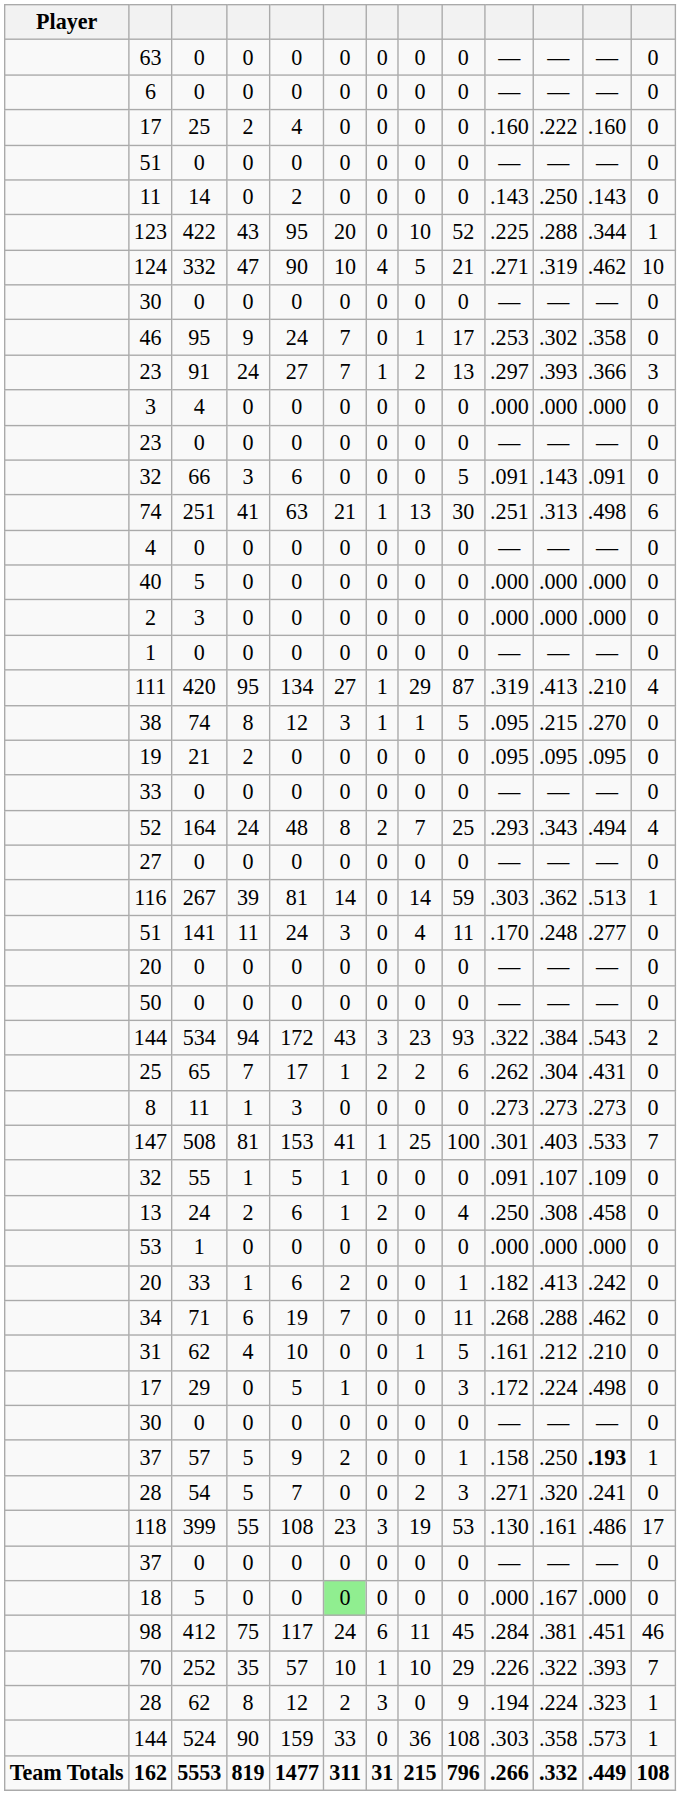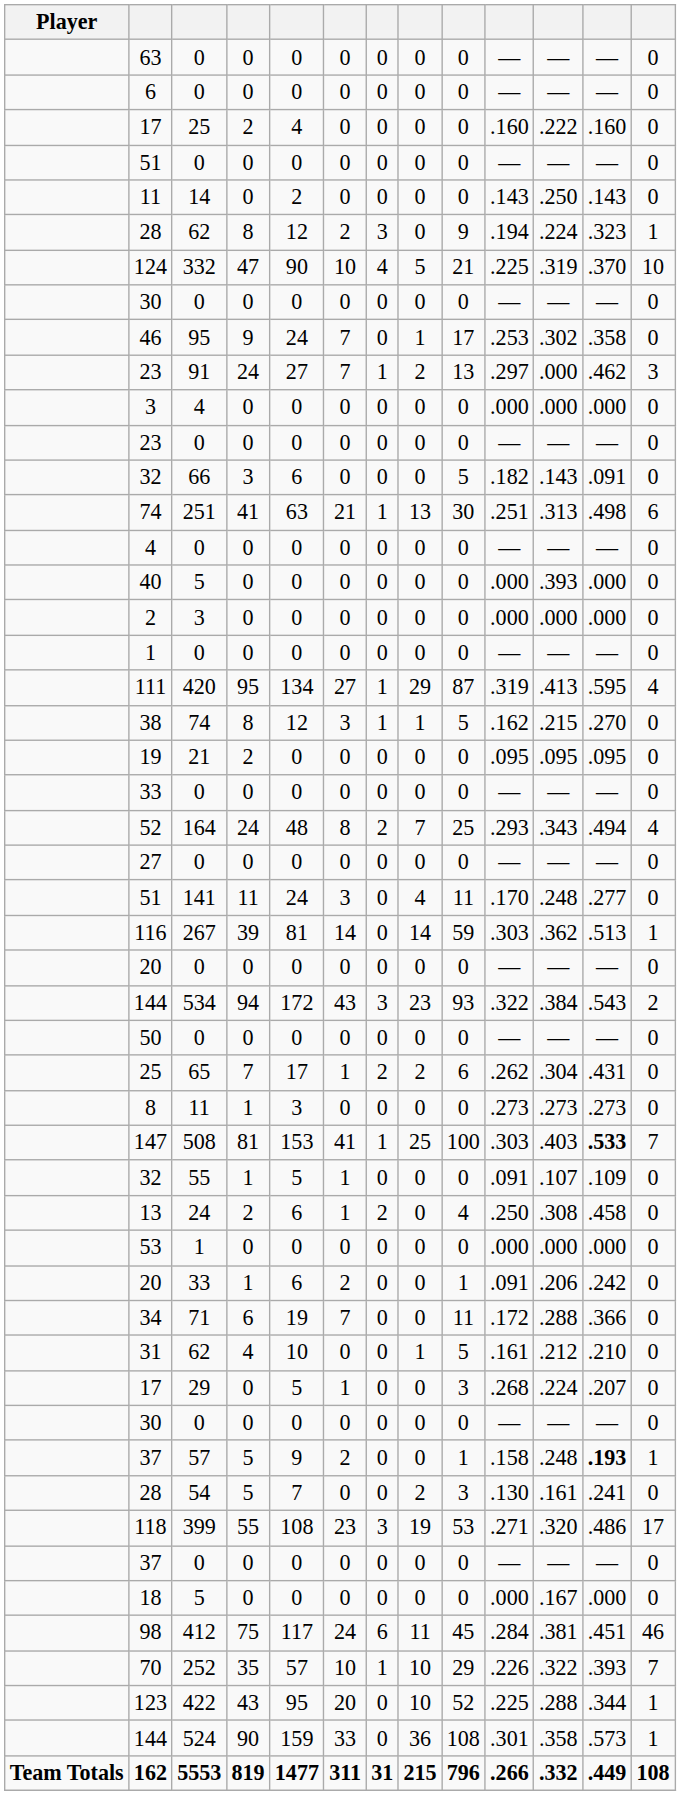 <table class="wikitable sortable" style="text-align:center;">
 <tr>
 <th>Player</th>
 <th></th>
 <th></th>
 <th></th>
 <th></th>
 <th></th>
 <th></th>
 <th></th>
 <th></th>
 <th></th>
 <th></th>
 <th></th>
 <th></th>
 </tr>
 <tr>
 <td align=left></td>
 <td>63</td>
 <td>0</td>
 <td>0</td>
 <td>0</td>
 <td>0</td>
 <td>0</td>
 <td>0</td>
 <td>0</td>
 <td>—</td>
 <td>—</td>
 <td>—</td>
 <td>0</td>
 </tr>
 <tr>
 <td align=left></td>
 <td>6</td>
 <td>0</td>
 <td>0</td>
 <td>0</td>
 <td>0</td>
 <td>0</td>
 <td>0</td>
 <td>0</td>
 <td>—</td>
 <td>—</td>
 <td>—</td>
 <td>0</td>
 </tr>
 <tr>
 <td align=left></td>
 <td>17</td>
 <td>25</td>
 <td>2</td>
 <td>4</td>
 <td>0</td>
 <td>0</td>
 <td>0</td>
 <td>0</td>
 <td>.160</td>
 <td>.222</td>
 <td>.160</td>
 <td>0</td>
 </tr>
 <tr>
 <td align=left></td>
 <td>51</td>
 <td>0</td>
 <td>0</td>
 <td>0</td>
 <td>0</td>
 <td>0</td>
 <td>0</td>
 <td>0</td>
 <td>—</td>
 <td>—</td>
 <td>—</td>
 <td>0</td>
 </tr>
 <tr>
 <td align=left></td>
 <td>11</td>
 <td>14</td>
 <td>0</td>
 <td>2</td>
 <td>0</td>
 <td>0</td>
 <td>0</td>
 <td>0</td>
 <td>.143</td>
 <td>.250</td>
 <td>.143</td>
 <td>0</td>
 </tr>
 <tr>
 <td align=left></td>
-<td>123</td>
-<td>422</td>
-<td>43</td>
-<td>95</td>
-<td>20</td>
+<td>28</td>
+<td>62</td>
+<td>8</td>
+<td>12</td>
+<td>2</td>
+<td>3</td>
 <td>0</td>
-<td>10</td>
-<td>52</td>
-<td>.225</td>
-<td>.288</td>
-<td>.344</td>
+<td>9</td>
+<td>.194</td>
+<td>.224</td>
+<td>.323</td>
 <td>1</td>
 </tr>
 <tr>
 <td align=left></td>
 <td>124</td>
 <td>332</td>
 <td>47</td>
 <td>90</td>
 <td>10</td>
 <td>4</td>
 <td>5</td>
 <td>21</td>
-<td>.271</td>
+<td>.225</td>
 <td>.319</td>
-<td>.462</td>
+<td>.370</td>
 <td>10</td>
 </tr>
 <tr>
 <td align=left></td>
 <td>30</td>
 <td>0</td>
 <td>0</td>
 <td>0</td>
 <td>0</td>
 <td>0</td>
 <td>0</td>
 <td>0</td>
 <td>—</td>
 <td>—</td>
 <td>—</td>
 <td>0</td>
 </tr>
 <tr>
 <td align=left></td>
 <td>46</td>
 <td>95</td>
 <td>9</td>
 <td>24</td>
 <td>7</td>
 <td>0</td>
 <td>1</td>
 <td>17</td>
 <td>.253</td>
 <td>.302</td>
 <td>.358</td>
 <td>0</td>
 </tr>
 <tr>
 <td align=left></td>
 <td>23</td>
 <td>91</td>
 <td>24</td>
 <td>27</td>
 <td>7</td>
 <td>1</td>
 <td>2</td>
 <td>13</td>
 <td>.297</td>
-<td>.393</td>
-<td>.366</td>
+<td>.000</td>
+<td>.462</td>
 <td>3</td>
 </tr>
 <tr>
 <td align=left></td>
 <td>3</td>
 <td>4</td>
 <td>0</td>
 <td>0</td>
 <td>0</td>
 <td>0</td>
 <td>0</td>
 <td>0</td>
 <td>.000</td>
 <td>.000</td>
 <td>.000</td>
 <td>0</td>
 </tr>
 <tr>
 <td align=left></td>
 <td>23</td>
 <td>0</td>
 <td>0</td>
 <td>0</td>
 <td>0</td>
 <td>0</td>
 <td>0</td>
 <td>0</td>
 <td>—</td>
 <td>—</td>
 <td>—</td>
 <td>0</td>
 </tr>
 <tr>
 <td align=left></td>
 <td>32</td>
 <td>66</td>
 <td>3</td>
 <td>6</td>
 <td>0</td>
 <td>0</td>
 <td>0</td>
 <td>5</td>
-<td>.091</td>
+<td>.182</td>
 <td>.143</td>
 <td>.091</td>
 <td>0</td>
 </tr>
 <tr>
 <td align=left></td>
 <td>74</td>
 <td>251</td>
 <td>41</td>
 <td>63</td>
 <td>21</td>
 <td>1</td>
 <td>13</td>
 <td>30</td>
 <td>.251</td>
 <td>.313</td>
 <td>.498</td>
 <td>6</td>
 </tr>
 <tr>
 <td align=left></td>
 <td>4</td>
 <td>0</td>
 <td>0</td>
 <td>0</td>
 <td>0</td>
 <td>0</td>
 <td>0</td>
 <td>0</td>
 <td>—</td>
 <td>—</td>
 <td>—</td>
 <td>0</td>
 </tr>
 <tr>
 <td align=left></td>
 <td>40</td>
 <td>5</td>
 <td>0</td>
 <td>0</td>
 <td>0</td>
 <td>0</td>
 <td>0</td>
 <td>0</td>
 <td>.000</td>
-<td>.000</td>
+<td>.393</td>
 <td>.000</td>
 <td>0</td>
 </tr>
 <tr>
 <td align=left></td>
 <td>2</td>
 <td>3</td>
 <td>0</td>
 <td>0</td>
 <td>0</td>
 <td>0</td>
 <td>0</td>
 <td>0</td>
 <td>.000</td>
 <td>.000</td>
 <td>.000</td>
 <td>0</td>
 </tr>
 <tr>
 <td align=left></td>
 <td>1</td>
 <td>0</td>
 <td>0</td>
 <td>0</td>
 <td>0</td>
 <td>0</td>
 <td>0</td>
 <td>0</td>
 <td>—</td>
 <td>—</td>
 <td>—</td>
 <td>0</td>
 </tr>
 <tr>
 <td align=left></td>
 <td>111</td>
 <td>420</td>
 <td>95</td>
 <td>134</td>
 <td>27</td>
 <td>1</td>
 <td>29</td>
 <td>87</td>
 <td>.319</td>
 <td>.413</td>
-<td>.210</td>
+<td>.595</td>
 <td>4</td>
 </tr>
 <tr>
 <td align=left></td>
 <td>38</td>
 <td>74</td>
 <td>8</td>
 <td>12</td>
 <td>3</td>
 <td>1</td>
 <td>1</td>
 <td>5</td>
-<td>.095</td>
+<td>.162</td>
 <td>.215</td>
 <td>.270</td>
 <td>0</td>
 </tr>
 <tr>
 <td align=left></td>
 <td>19</td>
 <td>21</td>
 <td>2</td>
 <td>0</td>
 <td>0</td>
 <td>0</td>
 <td>0</td>
 <td>0</td>
 <td>.095</td>
 <td>.095</td>
 <td>.095</td>
 <td>0</td>
 </tr>
 <tr>
 <td align=left></td>
 <td>33</td>
 <td>0</td>
 <td>0</td>
 <td>0</td>
 <td>0</td>
 <td>0</td>
 <td>0</td>
 <td>0</td>
 <td>—</td>
 <td>—</td>
 <td>—</td>
 <td>0</td>
 </tr>
 <tr>
 <td align=left></td>
 <td>52</td>
 <td>164</td>
 <td>24</td>
 <td>48</td>
 <td>8</td>
 <td>2</td>
 <td>7</td>
 <td>25</td>
 <td>.293</td>
 <td>.343</td>
 <td>.494</td>
 <td>4</td>
 </tr>
 <tr>
 <td align=left></td>
 <td>27</td>
 <td>0</td>
 <td>0</td>
 <td>0</td>
 <td>0</td>
 <td>0</td>
 <td>0</td>
 <td>0</td>
 <td>—</td>
 <td>—</td>
 <td>—</td>
 <td>0</td>
 </tr>
 <tr>
 <td align=left></td>
+<td>51</td>
+<td>141</td>
+<td>11</td>
+<td>24</td>
+<td>3</td>
+<td>0</td>
+<td>4</td>
+<td>11</td>
+<td>.170</td>
+<td>.248</td>
+<td>.277</td>
+<td>0</td>
+</tr>
+<tr>
+<td align=left></td>
 <td>116</td>
 <td>267</td>
 <td>39</td>
 <td>81</td>
 <td>14</td>
 <td>0</td>
 <td>14</td>
 <td>59</td>
 <td>.303</td>
 <td>.362</td>
 <td>.513</td>
 <td>1</td>
 </tr>
 <tr>
 <td align=left></td>
-<td>51</td>
-<td>141</td>
-<td>11</td>
-<td>24</td>
-<td>3</td>
-<td>0</td>
-<td>4</td>
-<td>11</td>
-<td>.170</td>
-<td>.248</td>
-<td>.277</td>
-<td>0</td>
-</tr>
-<tr>
-<td align=left></td>
 <td>20</td>
-<td>0</td>
-<td>0</td>
-<td>0</td>
-<td>0</td>
-<td>0</td>
-<td>0</td>
-<td>0</td>
-<td>—</td>
-<td>—</td>
-<td>—</td>
-<td>0</td>
-</tr>
-<tr>
-<td align=left></td>
-<td>50</td>
 <td>0</td>
 <td>0</td>
 <td>0</td>
 <td>0</td>
 <td>0</td>
 <td>0</td>
 <td>0</td>
 <td>—</td>
 <td>—</td>
 <td>—</td>
 <td>0</td>
 </tr>
 <tr>
 <td align=left></td>
 <td>144</td>
 <td>534</td>
 <td>94</td>
 <td>172</td>
 <td>43</td>
 <td>3</td>
 <td>23</td>
 <td>93</td>
 <td>.322</td>
 <td>.384</td>
 <td>.543</td>
 <td>2</td>
+</tr>
+<tr>
+<td align=left></td>
+<td>50</td>
+<td>0</td>
+<td>0</td>
+<td>0</td>
+<td>0</td>
+<td>0</td>
+<td>0</td>
+<td>0</td>
+<td>—</td>
+<td>—</td>
+<td>—</td>
+<td>0</td>
 </tr>
 <tr>
 <td align=left></td>
 <td>25</td>
 <td>65</td>
 <td>7</td>
 <td>17</td>
 <td>1</td>
 <td>2</td>
 <td>2</td>
 <td>6</td>
 <td>.262</td>
 <td>.304</td>
 <td>.431</td>
 <td>0</td>
 </tr>
 <tr>
 <td align=left></td>
 <td>8</td>
 <td>11</td>
 <td>1</td>
 <td>3</td>
 <td>0</td>
 <td>0</td>
 <td>0</td>
 <td>0</td>
 <td>.273</td>
 <td>.273</td>
 <td>.273</td>
 <td>0</td>
 </tr>
 <tr>
 <td align=left></td>
 <td>147</td>
 <td>508</td>
 <td>81</td>
 <td>153</td>
 <td>41</td>
 <td>1</td>
 <td>25</td>
 <td>100</td>
-<td>.301</td>
+<td>.303</td>
 <td>.403</td>
-<td>.533</td>
+<td><strong>.533</strong></td>
 <td>7</td>
 </tr>
 <tr>
 <td align=left></td>
 <td>32</td>
 <td>55</td>
 <td>1</td>
 <td>5</td>
 <td>1</td>
 <td>0</td>
 <td>0</td>
 <td>0</td>
 <td>.091</td>
 <td>.107</td>
 <td>.109</td>
 <td>0</td>
 </tr>
 <tr>
 <td align=left></td>
 <td>13</td>
 <td>24</td>
 <td>2</td>
 <td>6</td>
 <td>1</td>
 <td>2</td>
 <td>0</td>
 <td>4</td>
 <td>.250</td>
 <td>.308</td>
 <td>.458</td>
 <td>0</td>
 </tr>
 <tr>
 <td align=left></td>
 <td>53</td>
 <td>1</td>
 <td>0</td>
 <td>0</td>
 <td>0</td>
 <td>0</td>
 <td>0</td>
 <td>0</td>
 <td>.000</td>
 <td>.000</td>
 <td>.000</td>
 <td>0</td>
 </tr>
 <tr>
 <td align=left></td>
 <td>20</td>
 <td>33</td>
 <td>1</td>
 <td>6</td>
 <td>2</td>
 <td>0</td>
 <td>0</td>
 <td>1</td>
-<td>.182</td>
-<td>.413</td>
+<td>.091</td>
+<td>.206</td>
 <td>.242</td>
 <td>0</td>
 </tr>
 <tr>
 <td align=left></td>
 <td>34</td>
 <td>71</td>
 <td>6</td>
 <td>19</td>
 <td>7</td>
 <td>0</td>
 <td>0</td>
 <td>11</td>
-<td>.268</td>
+<td>.172</td>
 <td>.288</td>
-<td>.462</td>
+<td>.366</td>
 <td>0</td>
 </tr>
 <tr>
 <td align=left></td>
 <td>31</td>
 <td>62</td>
 <td>4</td>
 <td>10</td>
 <td>0</td>
 <td>0</td>
 <td>1</td>
 <td>5</td>
 <td>.161</td>
 <td>.212</td>
 <td>.210</td>
 <td>0</td>
 </tr>
 <tr>
 <td align=left></td>
 <td>17</td>
 <td>29</td>
 <td>0</td>
 <td>5</td>
 <td>1</td>
 <td>0</td>
 <td>0</td>
 <td>3</td>
-<td>.172</td>
+<td>.268</td>
 <td>.224</td>
-<td>.498</td>
+<td>.207</td>
 <td>0</td>
 </tr>
 <tr>
 <td align=left></td>
 <td>30</td>
 <td>0</td>
 <td>0</td>
 <td>0</td>
 <td>0</td>
 <td>0</td>
 <td>0</td>
 <td>0</td>
 <td>—</td>
 <td>—</td>
 <td>—</td>
 <td>0</td>
 </tr>
 <tr>
 <td align=left></td>
 <td>37</td>
 <td>57</td>
 <td>5</td>
 <td>9</td>
 <td>2</td>
 <td>0</td>
 <td>0</td>
 <td>1</td>
 <td>.158</td>
-<td>.250</td>
+<td>.248</td>
 <td><strong>.193</strong></td>
 <td>1</td>
 </tr>
 <tr>
 <td align=left></td>
 <td>28</td>
 <td>54</td>
 <td>5</td>
 <td>7</td>
 <td>0</td>
 <td>0</td>
 <td>2</td>
 <td>3</td>
-<td>.271</td>
-<td>.320</td>
+<td>.130</td>
+<td>.161</td>
 <td>.241</td>
 <td>0</td>
 </tr>
 <tr>
 <td align=left></td>
 <td>118</td>
 <td>399</td>
 <td>55</td>
 <td>108</td>
 <td>23</td>
 <td>3</td>
 <td>19</td>
 <td>53</td>
-<td>.130</td>
-<td>.161</td>
+<td>.271</td>
+<td>.320</td>
 <td>.486</td>
 <td>17</td>
 </tr>
 <tr>
 <td align=left></td>
 <td>37</td>
 <td>0</td>
 <td>0</td>
 <td>0</td>
 <td>0</td>
 <td>0</td>
 <td>0</td>
 <td>0</td>
 <td>—</td>
 <td>—</td>
 <td>—</td>
 <td>0</td>
 </tr>
 <tr>
 <td align=left></td>
 <td>18</td>
 <td>5</td>
 <td>0</td>
 <td>0</td>
-<td style="background: lightgreen;">0</td>
+<td>0</td>
 <td>0</td>
 <td>0</td>
 <td>0</td>
 <td>.000</td>
 <td>.167</td>
 <td>.000</td>
 <td>0</td>
 </tr>
 <tr>
 <td align=left></td>
 <td>98</td>
 <td>412</td>
 <td>75</td>
 <td>117</td>
 <td>24</td>
 <td>6</td>
 <td>11</td>
 <td>45</td>
 <td>.284</td>
 <td>.381</td>
 <td>.451</td>
 <td>46</td>
 </tr>
 <tr>
 <td align=left></td>
 <td>70</td>
 <td>252</td>
 <td>35</td>
 <td>57</td>
 <td>10</td>
 <td>1</td>
 <td>10</td>
 <td>29</td>
 <td>.226</td>
 <td>.322</td>
 <td>.393</td>
 <td>7</td>
 </tr>
 <tr>
 <td align=left></td>
-<td>28</td>
-<td>62</td>
-<td>8</td>
-<td>12</td>
-<td>2</td>
-<td>3</td>
+<td>123</td>
+<td>422</td>
+<td>43</td>
+<td>95</td>
+<td>20</td>
 <td>0</td>
-<td>9</td>
-<td>.194</td>
-<td>.224</td>
-<td>.323</td>
+<td>10</td>
+<td>52</td>
+<td>.225</td>
+<td>.288</td>
+<td>.344</td>
 <td>1</td>
 </tr>
 <tr>
 <td align=left></td>
 <td>144</td>
 <td>524</td>
 <td>90</td>
 <td>159</td>
 <td>33</td>
 <td>0</td>
 <td>36</td>
 <td>108</td>
-<td>.303</td>
+<td>.301</td>
 <td>.358</td>
 <td>.573</td>
 <td>1</td>
 </tr>
 <tr>
 <td align=left><strong>Team Totals</strong></td>
 <td><strong>162</strong></td>
 <td><strong>5553</strong></td>
 <td><strong>819</strong></td>
 <td><strong>1477</strong></td>
 <td><strong>311</strong></td>
 <td><strong>31</strong></td>
 <td><strong>215</strong></td>
 <td><strong>796</strong></td>
 <td><strong>.266</strong></td>
 <td><strong>.332</strong></td>
 <td><strong>.449</strong></td>
 <td><strong>108</strong></td>
 </tr>
 <tr class="sortbottom|}">
 </tr>
 </table>
